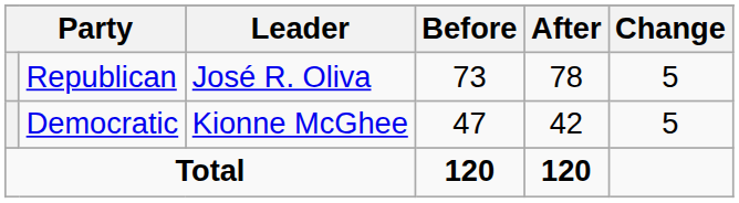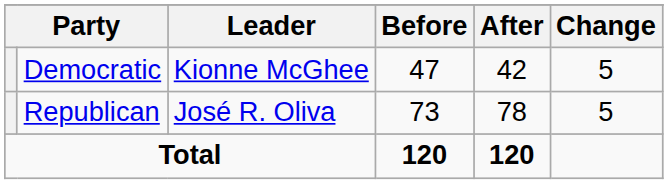 <table class="wikitable" style="text-align:center;">
 <tr>
 </tr>
 <tr>
 <th colspan=2>Party</th>
 <th>Leader</th>
 <th>Before</th>
 <th>After</th>
 <th>Change</th>
 </tr>
 <tr>
 <th style="background-color:"></th>
+<td style="text-align:left;"><a href='#'>Democratic</a></td>
+<td style="text-align:left;"><a href='#'>Kionne McGhee</a></td>
+<td>47</td>
+<td>42</td>
+<td> 5</td>
+</tr>
+<tr>
+<th style="background-color:"></th>
 <td style="text-align:left;"><a href='#'>Republican</a></td>
 <td style="text-align:left;"><a href='#'>José R. Oliva</a></td>
 <td>73</td>
 <td>78</td>
-<td> 5</td>
-</tr>
-<tr>
-<th style="background-color:"></th>
-<td style="text-align:left;"><a href='#'>Democratic</a></td>
-<td style="text-align:left;"><a href='#'>Kionne McGhee</a></td>
-<td>47</td>
-<td>42</td>
 <td> 5</td>
 </tr>
 <tr>
 <td colspan=3><strong>Total</strong></td>
 <td><strong>120</strong></td>
 <td><strong>120</strong></td>
 <td></td>
 </tr>
 </table>
